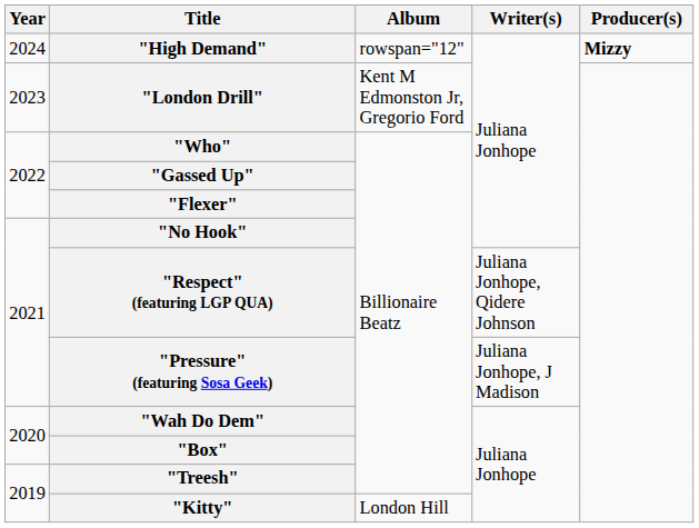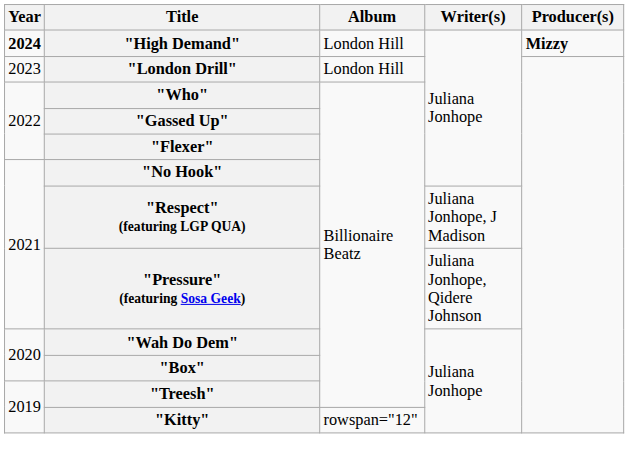 <table class="wikitable plainrowheaders" style="text-align:left;">
 <tr>
 <th scope="col" style="width:2em;">Year</th>
 <th scope="col" style="width:20em;">Title</th>
 <th scope="col" style="width:6em;">Album</th>
 <th scope="col" style="width:6em;">Writer(s)</th>
 <th scope="col" style="width:6em;">Producer(s)</th>
 </tr>
 <tr>
-<td>2024</td>
+<td><strong>2024</strong></td>
 <th scope="row">"High Demand"</th>
-<td>rowspan="12" </td>
+<td>London Hill</td>
 <td rowspan="6">Juliana Jonhope</td>
 <td><strong>Mizzy</strong></td>
 </tr>
 <tr>
 <td>2023</td>
 <th scope="row">"London Drill"</th>
-<td>Kent M Edmonston Jr, Gregorio Ford</td>
+<td>London Hill</td>
 </tr>
 <tr>
 <td rowspan="3">2022</td>
 <th scope="row">"Who"</th>
 <td rowspan="9">Billionaire Beatz</td>
 </tr>
 <tr>
 <th scope="row">"Gassed Up"</th>
 </tr>
 <tr>
 <th scope="row">"Flexer"</th>
 </tr>
 <tr>
 <td rowspan="3">2021</td>
 <th scope="row">"No Hook"</th>
 </tr>
 <tr>
 <th scope="row">"Respect"<br><small>(featuring LGP QUA)</small></th>
-<td>Juliana Jonhope, Qidere Johnson</td>
+<td>Juliana Jonhope, J Madison</td>
 </tr>
 <tr>
 <th scope="row">"Pressure"<br><small>(featuring <a href='#'>Sosa Geek</a>)</small></th>
-<td>Juliana Jonhope, J Madison</td>
+<td>Juliana Jonhope, Qidere Johnson</td>
 </tr>
 <tr>
 <td rowspan="2">2020</td>
 <th scope="row">"Wah Do Dem"</th>
 <td rowspan="4">Juliana Jonhope</td>
 </tr>
 <tr>
 <th scope="row">"Box"</th>
 </tr>
 <tr>
 <td rowspan="2">2019</td>
 <th scope="row">"Treesh"</th>
 </tr>
 <tr>
 <th scope="row">"Kitty"</th>
-<td>London Hill</td>
+<td>rowspan="12" </td>
 </tr>
 </table>
